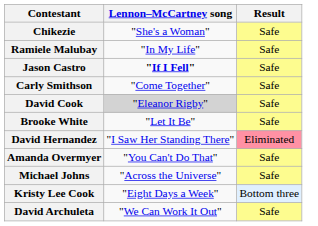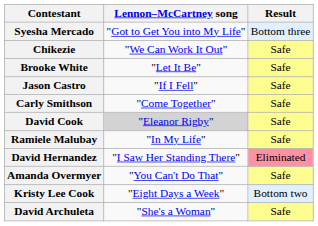 <table class="wikitable unsortable" style="text-align:center;">
 <tr>
 <th scope="col">Contestant</th>
 <th scope="col"><a href='#'>Lennon–McCartney</a> song</th>
 <th scope="col">Result</th>
 </tr>
 <tr>
+<th scope="row">Syesha Mercado</th>
+<td>"<a href='#'>Got to Get You into My Life</a>"</td>
+<td bgcolor="E0F0FF">Bottom three</td>
+</tr>
+<tr>
 <th scope="row">Chikezie</th>
-<td>"<a href='#'>She's a Woman</a>"</td>
+<td>"<a href='#'>We Can Work It Out</a>"</td>
 <td style="background:#FDFC8F">Safe</td>
 </tr>
 <tr>
-<th scope="row">Ramiele Malubay</th>
-<td>"<a href='#'>In My Life</a>"</td>
+<th scope="row">Brooke White</th>
+<td>"<a href='#'>Let It Be</a>"</td>
 <td style="background:#FDFC8F">Safe</td>
 </tr>
 <tr>
 <th scope="row">Jason Castro</th>
-<td><strong>"<a href='#'>If I Fell</a>"</strong></td>
+<td>"<a href='#'>If I Fell</a>"</td>
 <td style="background:#FDFC8F">Safe</td>
 </tr>
 <tr>
 <th scope="row">Carly Smithson</th>
 <td>"<a href='#'>Come Together</a>"</td>
 <td style="background:#FDFC8F">Safe</td>
 </tr>
 <tr>
 <th scope="row">David Cook</th>
 <td style="background: lightgrey;">"<a href='#'>Eleanor Rigby</a>"</td>
 <td style="background:#FDFC8F">Safe</td>
 </tr>
 <tr>
-<th scope="row">Brooke White</th>
-<td>"<a href='#'>Let It Be</a>"</td>
+<th scope="row">Ramiele Malubay</th>
+<td>"<a href='#'>In My Life</a>"</td>
 <td style="background:#FDFC8F">Safe</td>
 </tr>
 <tr>
 <th scope="row">David Hernandez</th>
 <td>"<a href='#'>I Saw Her Standing There</a>"</td>
 <td bgcolor="FF91A4">Eliminated</td>
 </tr>
 <tr>
 <th scope="row">Amanda Overmyer</th>
 <td>"<a href='#'>You Can't Do That</a>"</td>
 <td style="background:#FDFC8F">Safe</td>
 </tr>
 <tr>
-<th scope="row">Michael Johns</th>
-<td>"<a href='#'>Across the Universe</a>"</td>
-<td style="background:#FDFC8F">Safe</td>
-</tr>
-<tr>
 <th scope="row">Kristy Lee Cook</th>
 <td>"<a href='#'>Eight Days a Week</a>"</td>
-<td bgcolor="E0F0FF">Bottom three</td>
+<td bgcolor="E0F0FF">Bottom two</td>
 </tr>
 <tr>
 <th scope="row">David Archuleta</th>
-<td>"<a href='#'>We Can Work It Out</a>"</td>
+<td>"<a href='#'>She's a Woman</a>"</td>
 <td style="background:#FDFC8F">Safe</td>
 </tr>
 </table>
